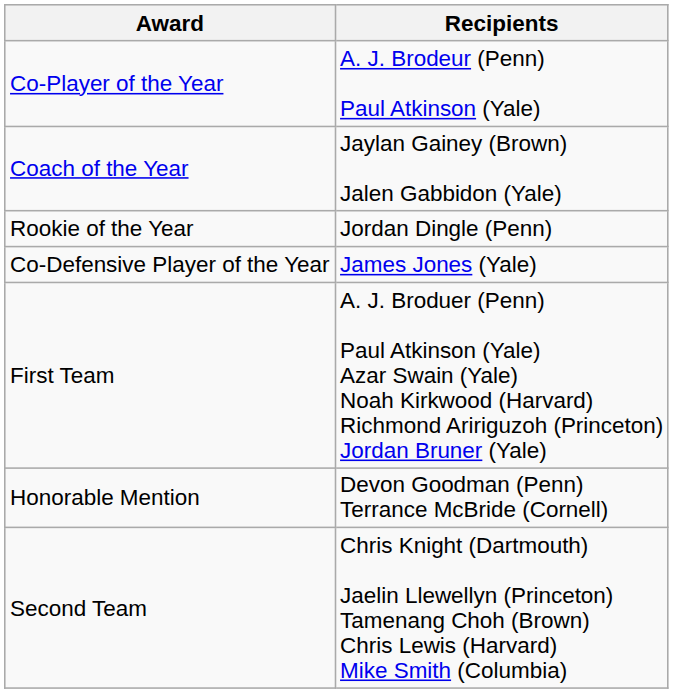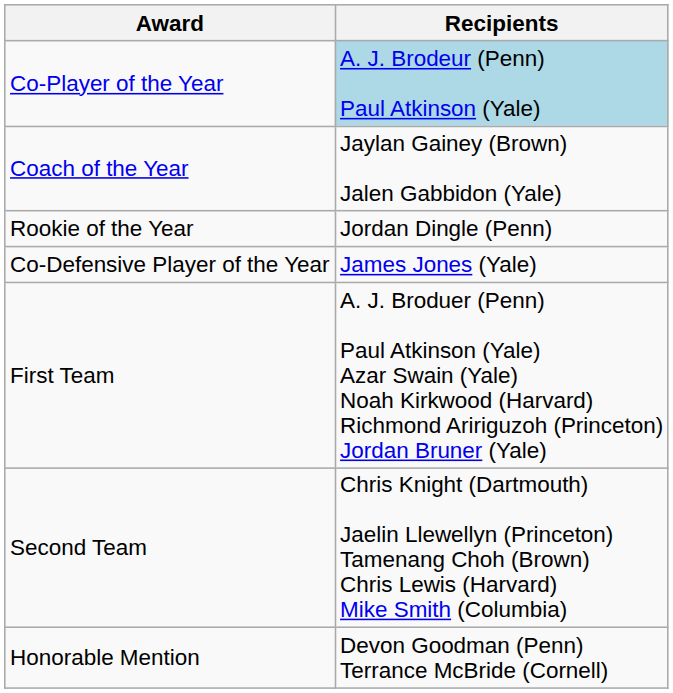 <table class="wikitable" style="white-space:nowrap; font-size:90%;">
 <tr>
 <th>Award</th>
 <th>Recipients</th>
 </tr>
 <tr>
 <td><a href='#'>Co-Player of the Year</a></td>
-<td><a href='#'>A. J. Brodeur</a> (Penn)<br><br><a href='#'>Paul Atkinson</a> (Yale)</td>
+<td style="background: lightblue;"><a href='#'>A. J. Brodeur</a> (Penn)<br><br><a href='#'>Paul Atkinson</a> (Yale)</td>
 </tr>
 <tr>
 <td><a href='#'>Coach of the Year</a></td>
 <td>Jaylan Gainey (Brown)<br><br>Jalen Gabbidon (Yale)</td>
 </tr>
 <tr>
 <td>Rookie of the Year</td>
 <td>Jordan Dingle (Penn)</td>
 </tr>
 <tr>
 <td>Co-Defensive Player of the Year</td>
 <td><a href='#'>James Jones</a> (Yale)</td>
 </tr>
 <tr>
 <td>First Team</td>
 <td>A. J. Broduer (Penn)<br><br>Paul Atkinson (Yale)<br> Azar Swain (Yale)<br> Noah Kirkwood (Harvard)<br> Richmond Aririguzoh (Princeton)<br> <a href='#'>Jordan Bruner</a> (Yale)</td>
 </tr>
 <tr>
+<td>Second Team</td>
+<td>Chris Knight (Dartmouth)<br><br>Jaelin Llewellyn (Princeton)<br> Tamenang Choh (Brown)<br> Chris Lewis (Harvard)<br> <a href='#'>Mike Smith</a> (Columbia)</td>
+</tr>
+<tr>
 <td>Honorable Mention</td>
 <td>Devon Goodman (Penn)<br>Terrance McBride (Cornell)</td>
 </tr>
-<tr>
-<td>Second Team</td>
-<td>Chris Knight (Dartmouth)<br><br>Jaelin Llewellyn (Princeton)<br> Tamenang Choh (Brown)<br> Chris Lewis (Harvard)<br> <a href='#'>Mike Smith</a> (Columbia)</td>
-</tr>
 </table>
